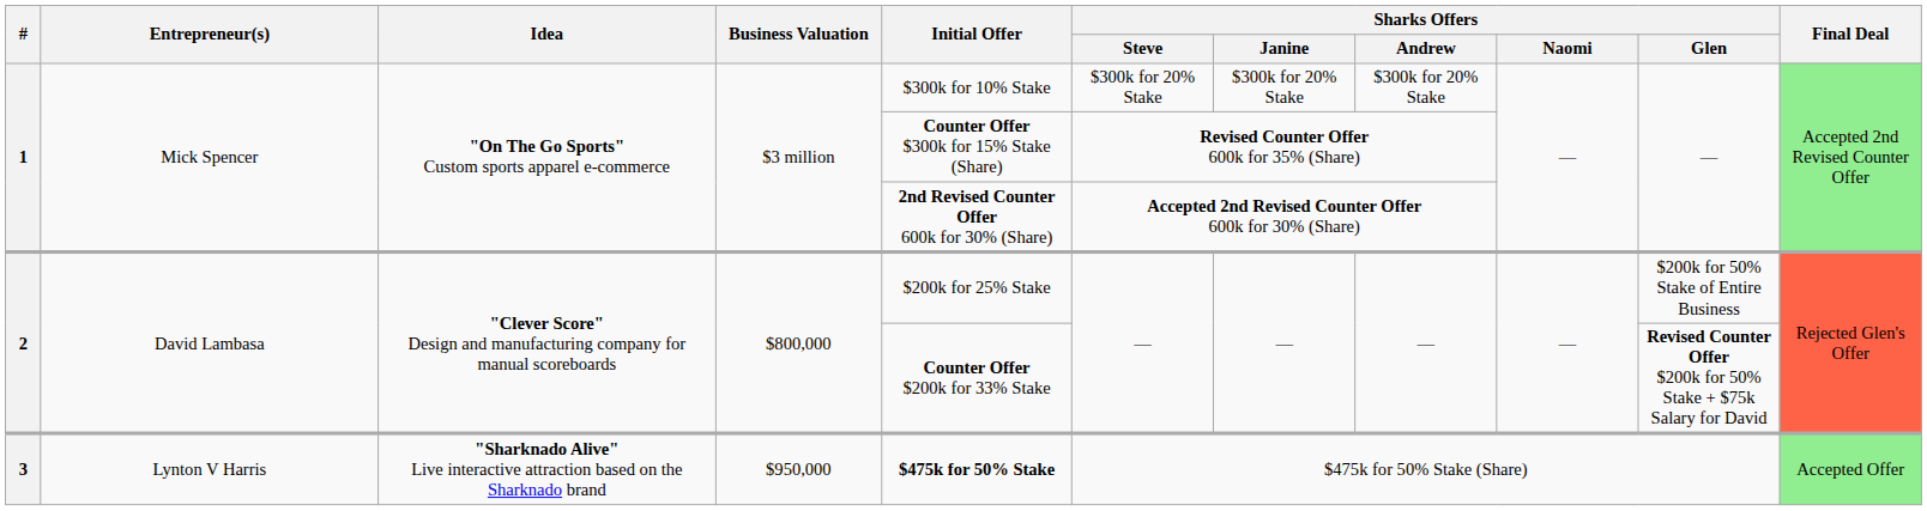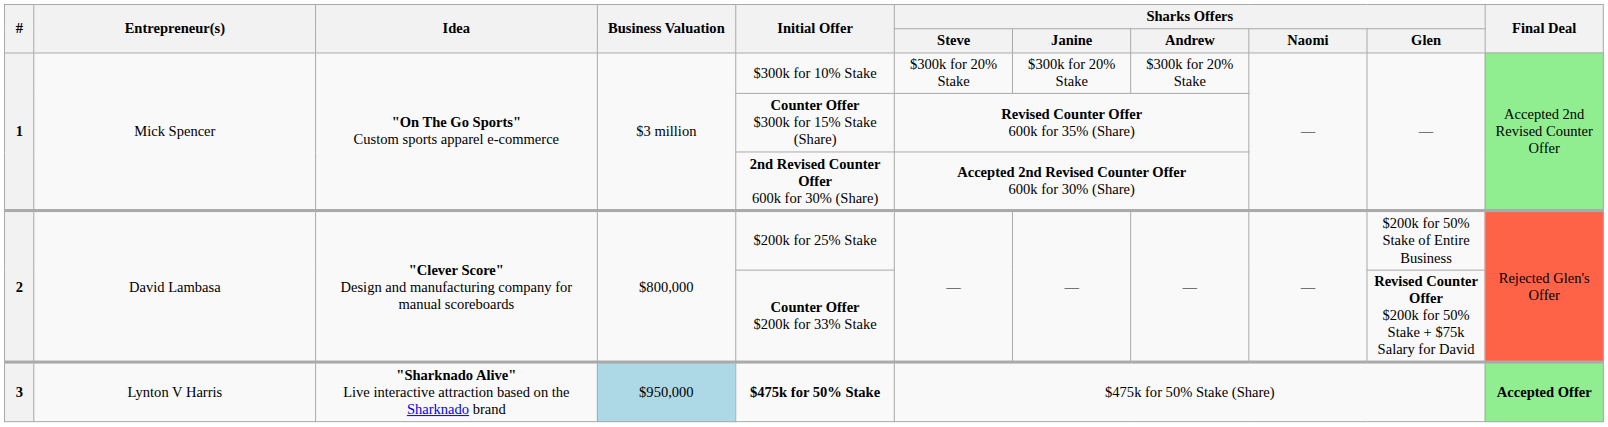 <table class="wikitable plainrowheaders" style="font-size:90%; text-align:center; width: 100%; margin-left: auto; margin-right: auto;">
 <tr>
 <th scope="col" bgcolor="lightgrey" rowspan="2" width="15" align="center">#</th>
 <th scope="col" bgcolor="lightgrey" rowspan="2" width="200" align="center">Entrepreneur(s)</th>
 <th scope="col" bgcolor="lightgrey" rowspan="2" width="200" align="center">Idea</th>
 <th scope="col" bgcolor="lightgrey" rowspan="2" width="95" align="center">Business Valuation</th>
 <th scope="col" bgcolor="lightgrey" rowspan="2" width="110" align="center">Initial Offer</th>
 <th scope="col" bgcolor="lightgrey" colspan="5">Sharks Offers</th>
 <th scope="col" bgcolor="lightgrey" rowspan="2" width="80" align="center">Final Deal</th>
 </tr>
 <tr>
 <th width="80" align="center"><strong>Steve</strong></th>
 <th width="80" align="center"><strong>Janine</strong></th>
 <th width="80" align="center"><strong>Andrew</strong></th>
 <th width="80" align="center"><strong>Naomi</strong></th>
 <th width="80" align="center"><strong>Glen</strong></th>
 </tr>
 <tr>
 <th rowspan="3">1</th>
 <td rowspan="3">Mick Spencer</td>
 <td rowspan="3"><strong>"On The Go Sports"</strong><br> Custom sports apparel e-commerce</td>
 <td rowspan="3">$3 million</td>
 <td>$300k for 10% Stake</td>
 <td>$300k for 20% Stake</td>
 <td>$300k for 20% Stake</td>
 <td>$300k for 20% Stake</td>
 <td rowspan="3">—</td>
 <td rowspan="3">—</td>
 <td rowspan="3" bgcolor="lightgreen">Accepted 2nd Revised Counter Offer</td>
 </tr>
 <tr>
 <td><strong>Counter Offer</strong><br> $300k for 15% Stake (Share)</td>
 <td colspan="3"><strong>Revised Counter Offer</strong><br> 600k for 35% (Share)</td>
 </tr>
 <tr>
 <td><strong>2nd Revised Counter Offer</strong><br> 600k for 30% (Share)</td>
 <td colspan="3"><strong>Accepted 2nd Revised Counter Offer</strong><br> 600k for 30% (Share)</td>
 </tr>
 <tr>
 </tr>
 <tr style="border-top:3px solid #aaa;">
 <th rowspan="2">2</th>
 <td rowspan="2">David Lambasa</td>
 <td rowspan="2"><strong>"Clever Score"</strong><br> Design and manufacturing company for manual scoreboards</td>
 <td rowspan="2">$800,000</td>
 <td>$200k for 25% Stake</td>
 <td rowspan="2">—</td>
 <td rowspan="2">—</td>
 <td rowspan="2">—</td>
 <td rowspan="2">—</td>
 <td>$200k for 50% Stake of Entire Business</td>
 <td rowspan="2" bgcolor="tomato">Rejected Glen's Offer</td>
 </tr>
 <tr>
 <td><strong>Counter Offer</strong><br> $200k for 33% Stake</td>
 <td><strong>Revised Counter Offer</strong><br> $200k for 50% Stake + $75k Salary for David</td>
 </tr>
 <tr>
 </tr>
 <tr style="border-top:3px solid #aaa;">
 <th>3</th>
 <td>Lynton V Harris</td>
 <td><strong>"Sharknado Alive"</strong><br> Live interactive attraction based on the <a href='#'>Sharknado</a> brand</td>
-<td>$950,000</td>
+<td style="background: lightblue;">$950,000</td>
 <td><strong>$475k for 50% Stake</strong></td>
 <td colspan="5">$475k for 50% Stake (Share)</td>
-<td bgcolor="lightgreen">Accepted Offer</td>
+<td bgcolor="lightgreen"><strong>Accepted Offer</strong></td>
 </tr>
 </table>
